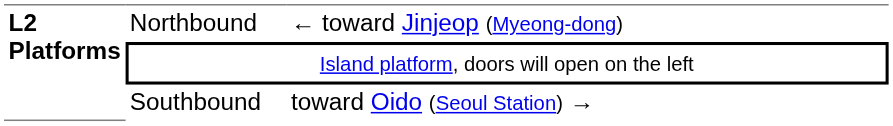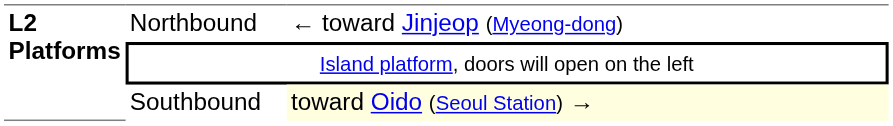 <table table border=0 cellspacing=0 cellpadding=3>
 <tr>
 <td style="border-top:solid 1px gray;border-bottom:solid 1px gray;" width=50 rowspan=10 valign=top><strong>L2<br>Platforms</strong></td>
 <td style="border-bottom:solid 0px gray;border-top:solid 1px gray;" width=100>Northbound</td>
 <td style="border-bottom:solid 0px gray;border-top:solid 1px gray;" width=390>←  toward <a href='#'>Jinjeop</a> <small>(<a href='#'>Myeong-dong</a>)</small></td>
 </tr>
 <tr>
 <td style="border-top:solid 2px black;border-right:solid 2px black;border-left:solid 2px black;border-bottom:solid 2px black;text-align:center;" colspan=2><small><a href='#'>Island platform</a>, doors will open on the left</small></td>
 </tr>
 <tr>
 <td>Southbound</td>
-<td>  toward <a href='#'>Oido</a> <small>(<a href='#'>Seoul Station</a>)</small> →</td>
+<td style="background: lightyellow;">  toward <a href='#'>Oido</a> <small>(<a href='#'>Seoul Station</a>)</small> →</td>
 </tr>
 </table>
